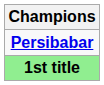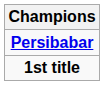 <table class="wikitable" style="text-align: center; margin: 0 auto;">
 <tr>
 <th>Champions</th>
 </tr>
 <tr>
 <td><strong><a href='#'>Persibabar</a></strong></td>
 </tr>
 <tr>
-<td style="background: lightgreen;"><strong>1st title</strong></td>
+<td><strong>1st title</strong></td>
 </tr>
 <tr>
 </tr>
 </table>
